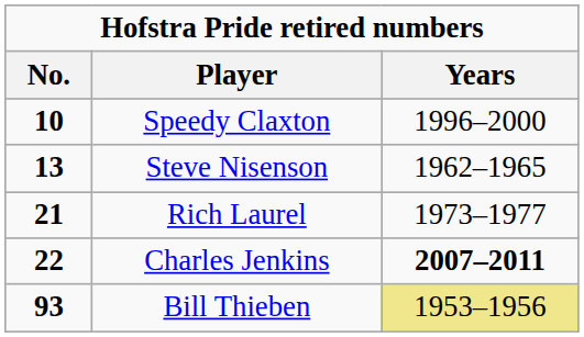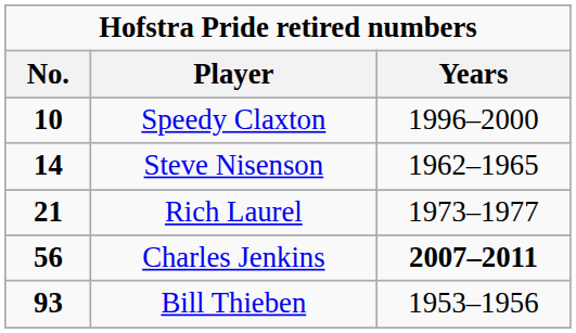 <table class="wikitable sortable" style="text-align:center">
 <tr>
 <td colspan="5"><strong>Hofstra Pride retired numbers</strong></td>
 </tr>
 <tr>
 <th width=40px>No.</th>
 <th width=150px>Player</th>
 <th width=100px>Years</th>
 </tr>
 <tr>
 <td><strong>10</strong></td>
 <td><a href='#'>Speedy Claxton</a></td>
 <td>1996–2000</td>
 </tr>
 <tr>
-<td><strong>13</strong></td>
+<td><strong>14</strong></td>
 <td><a href='#'>Steve Nisenson</a></td>
 <td>1962–1965</td>
 </tr>
 <tr>
 <td><strong>21</strong></td>
 <td><a href='#'>Rich Laurel</a></td>
 <td>1973–1977</td>
 </tr>
 <tr>
-<td><strong>22</strong></td>
+<td><strong>56</strong></td>
 <td><a href='#'>Charles Jenkins</a></td>
 <td><strong>2007–2011</strong></td>
 </tr>
 <tr>
 <td><strong>93</strong></td>
 <td><a href='#'>Bill Thieben</a></td>
-<td style="background: khaki;">1953–1956</td>
+<td>1953–1956</td>
 </tr>
 </table>
